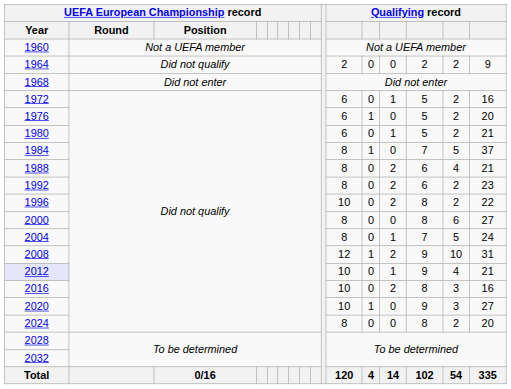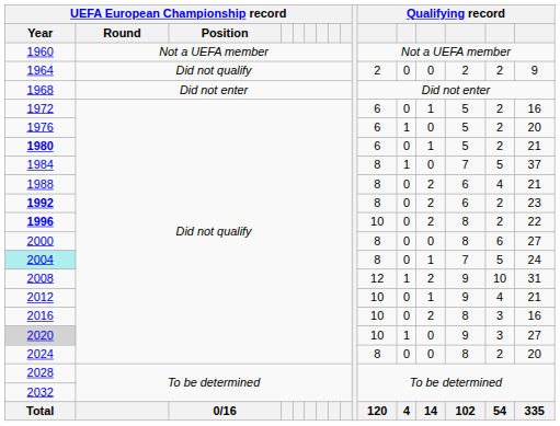 <table class="wikitable" style="text-align: center;">
 <tr>
 <th colspan="9"><a href='#'>UEFA European Championship</a> record</th>
 <th rowspan="22" style="width:1%"></th>
 <th colspan="6"><a href='#'>Qualifying</a> record</th>
 </tr>
 <tr>
 <th>Year</th>
 <th>Round</th>
 <th>Position</th>
 <th></th>
 <th></th>
 <th></th>
 <th></th>
 <th></th>
 <th></th>
 <th></th>
 <th></th>
 <th></th>
 <th></th>
 <th></th>
 <th></th>
 </tr>
 <tr>
 <td> <a href='#'>1960</a></td>
 <td colspan=8><em>Not a UEFA member</em></td>
 <td colspan=6><em>Not a UEFA member</em></td>
 </tr>
 <tr>
 <td> <a href='#'>1964</a></td>
 <td colspan=8><em>Did not qualify</em></td>
 <td>2</td>
 <td>0</td>
 <td>0</td>
 <td>2</td>
 <td>2</td>
 <td>9</td>
 </tr>
 <tr>
 <td> <a href='#'>1968</a></td>
 <td colspan=8><em>Did not enter</em></td>
 <td colspan=6><em>Did not enter</em></td>
 </tr>
 <tr>
 <td> <a href='#'>1972</a></td>
 <td colspan=8 rowspan=14><em>Did not qualify</em></td>
 <td>6</td>
 <td>0</td>
 <td>1</td>
 <td>5</td>
 <td>2</td>
 <td>16</td>
 </tr>
 <tr>
 <td> <a href='#'>1976</a></td>
 <td>6</td>
 <td>1</td>
 <td>0</td>
 <td>5</td>
 <td>2</td>
 <td>20</td>
 </tr>
 <tr>
-<td> <a href='#'>1980</a></td>
+<td><strong> <a href='#'>1980</a></strong></td>
 <td>6</td>
 <td>0</td>
 <td>1</td>
 <td>5</td>
 <td>2</td>
 <td>21</td>
 </tr>
 <tr>
 <td> <a href='#'>1984</a></td>
 <td>8</td>
 <td>1</td>
 <td>0</td>
 <td>7</td>
 <td>5</td>
 <td>37</td>
 </tr>
 <tr>
 <td> <a href='#'>1988</a></td>
 <td>8</td>
 <td>0</td>
 <td>2</td>
 <td>6</td>
 <td>4</td>
 <td>21</td>
 </tr>
 <tr>
-<td> <a href='#'>1992</a></td>
+<td><strong> <a href='#'>1992</a></strong></td>
 <td>8</td>
 <td>0</td>
 <td>2</td>
 <td>6</td>
 <td>2</td>
 <td>23</td>
 </tr>
 <tr>
-<td> <a href='#'>1996</a></td>
+<td><strong> <a href='#'>1996</a></strong></td>
 <td>10</td>
 <td>0</td>
 <td>2</td>
 <td>8</td>
 <td>2</td>
 <td>22</td>
 </tr>
 <tr>
 <td>  <a href='#'>2000</a></td>
 <td>8</td>
 <td>0</td>
 <td>0</td>
 <td>8</td>
 <td>6</td>
 <td>27</td>
 </tr>
 <tr>
-<td> <a href='#'>2004</a></td>
+<td style="background: paleturquoise;"> <a href='#'>2004</a></td>
 <td>8</td>
 <td>0</td>
 <td>1</td>
 <td>7</td>
 <td>5</td>
 <td>24</td>
 </tr>
 <tr>
 <td>  <a href='#'>2008</a></td>
 <td>12</td>
 <td>1</td>
 <td>2</td>
 <td>9</td>
 <td>10</td>
 <td>31</td>
 </tr>
 <tr>
-<td style="background: lavender;">  <a href='#'>2012</a></td>
+<td>  <a href='#'>2012</a></td>
 <td>10</td>
 <td>0</td>
 <td>1</td>
 <td>9</td>
 <td>4</td>
 <td>21</td>
 </tr>
 <tr>
 <td> <a href='#'>2016</a></td>
 <td>10</td>
 <td>0</td>
 <td>2</td>
 <td>8</td>
 <td>3</td>
 <td>16</td>
 </tr>
 <tr>
-<td> <a href='#'>2020</a></td>
+<td style="background: lightgrey;"> <a href='#'>2020</a></td>
 <td>10</td>
 <td>1</td>
 <td>0</td>
 <td>9</td>
 <td>3</td>
 <td>27</td>
 </tr>
 <tr>
 <td> <a href='#'>2024</a></td>
 <td>8</td>
 <td>0</td>
 <td>0</td>
 <td>8</td>
 <td>2</td>
 <td>20</td>
 </tr>
 <tr>
 <td>  <a href='#'>2028</a></td>
 <td colspan=8 rowspan=2><em>To be determined</em></td>
 <td colspan=6 rowspan=2><em>To be determined</em></td>
 </tr>
 <tr>
 <td>  <a href='#'>2032</a></td>
 </tr>
 <tr>
 <th>Total</th>
 <th></th>
 <th>0/16</th>
 <th></th>
 <th></th>
 <th></th>
 <th></th>
 <th></th>
 <th></th>
 <th>120</th>
 <th>4</th>
 <th>14</th>
 <th>102</th>
 <th>54</th>
 <th>335</th>
 </tr>
 </table>
